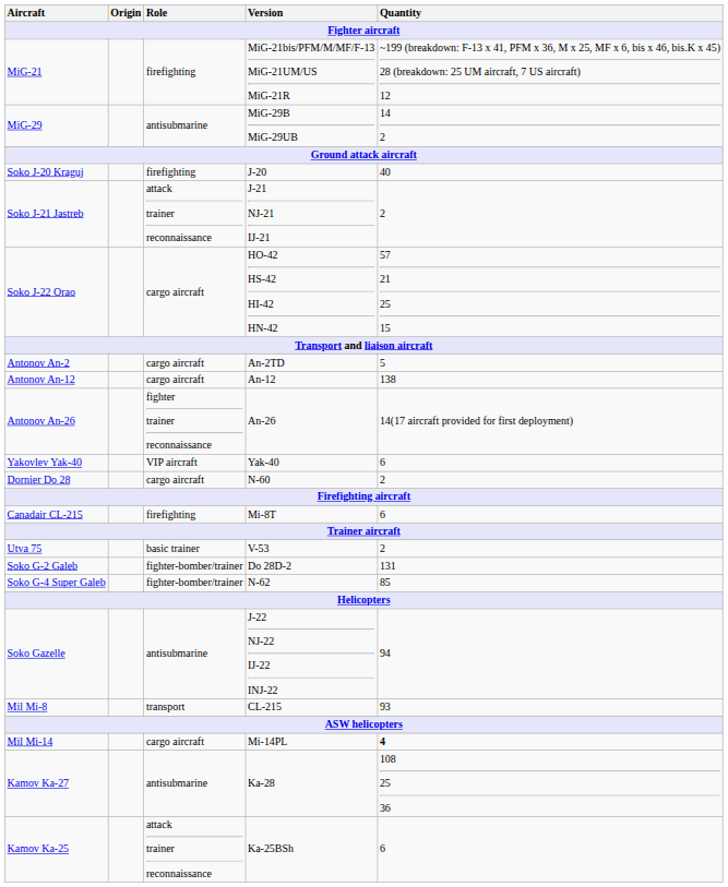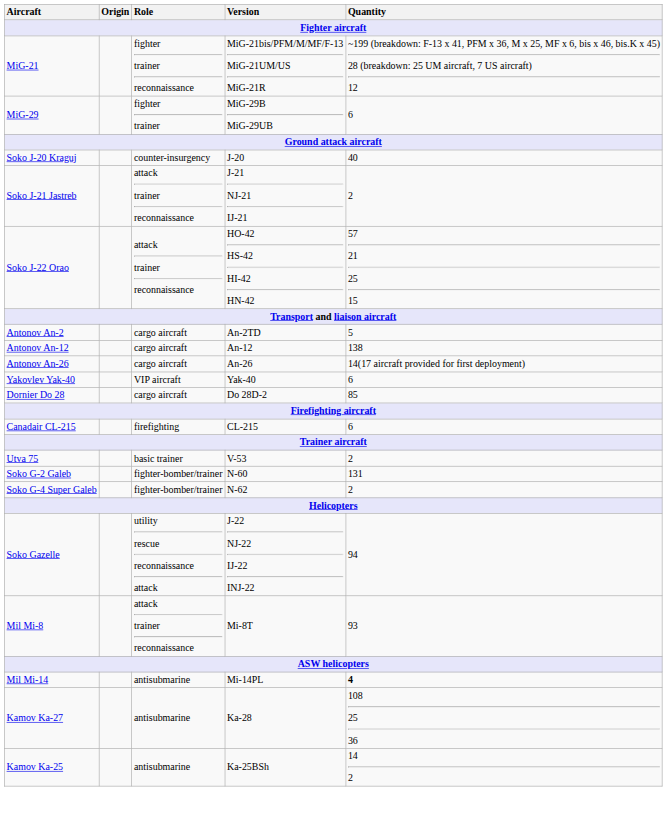 <table class="wikitable">
 <tr>
 <th style="text-align:left;">Aircraft</th>
 <th style="text-align:left;">Origin</th>
 <th style="text-align:left;">Role</th>
 <th style="text-align:left;">Version</th>
 <th style="text-align:left;">Quantity</th>
 </tr>
 <tr>
 <th style="align: center; background: lavender;" colspan="7"><strong><a href='#'>Fighter aircraft</a></strong></th>
 </tr>
 <tr>
 <td><a href='#'>MiG-21</a></td>
 <td></td>
-<td>firefighting</td>
+<td>fighter<hr>trainer<hr>reconnaissance</td>
 <td>MiG-21bis/PFM/M/MF/F-13<hr>MiG-21UM/US<hr>MiG-21R</td>
 <td>~199 (breakdown: F-13 x 41, PFM x 36, M x 25, MF x 6, bis x 46, bis.K x 45)<hr>28 (breakdown: 25 UM aircraft, 7 US aircraft)<hr>12</td>
 </tr>
 <tr>
 <td><a href='#'>MiG-29</a></td>
 <td></td>
-<td>antisubmarine</td>
+<td>fighter<hr>trainer</td>
 <td>MiG-29B<hr>MiG-29UB</td>
-<td>14<hr>2</td>
+<td>6</td>
 </tr>
 <tr>
 <th style="align: center; background: lavender;" colspan="7"><strong><a href='#'>Ground attack aircraft</a></strong></th>
 </tr>
 <tr>
 <td><a href='#'>Soko J-20 Kraguj</a></td>
 <td></td>
-<td>firefighting</td>
+<td>counter-insurgency</td>
 <td>J-20</td>
 <td>40</td>
 </tr>
 <tr>
 <td><a href='#'>Soko J-21 Jastreb</a></td>
 <td></td>
 <td>attack<hr>trainer<hr>reconnaissance</td>
 <td>J-21<hr>NJ-21<hr>IJ-21</td>
 <td>2</td>
 </tr>
 <tr>
 <td><a href='#'>Soko J-22 Orao</a></td>
 <td></td>
-<td>cargo aircraft</td>
+<td>attack<hr>trainer<hr>reconnaissance</td>
 <td>HO-42<hr>HS-42<hr>HI-42<hr>HN-42</td>
 <td>57<hr>21<hr>25<hr>15</td>
 </tr>
 <tr>
 <th style="align: center; background: lavender;" colspan="7"><strong><a href='#'>Transport</a> and <a href='#'>liaison aircraft</a></strong></th>
 </tr>
 <tr>
 <td><a href='#'>Antonov An-2</a></td>
 <td></td>
 <td>cargo aircraft</td>
 <td>An-2TD</td>
 <td>5</td>
 </tr>
 <tr>
 <td><a href='#'>Antonov An-12</a></td>
 <td></td>
 <td>cargo aircraft</td>
 <td>An-12</td>
 <td>138</td>
 </tr>
 <tr>
 <td><a href='#'>Antonov An-26</a></td>
 <td></td>
-<td>fighter<hr>trainer<hr>reconnaissance</td>
+<td>cargo aircraft</td>
 <td>An-26</td>
 <td>14(17 aircraft provided for first deployment)</td>
 </tr>
 <tr>
 <td><a href='#'>Yakovlev Yak-40</a></td>
 <td></td>
 <td>VIP aircraft</td>
 <td>Yak-40</td>
 <td>6</td>
 </tr>
 <tr>
 <td><a href='#'>Dornier Do 28</a></td>
 <td></td>
 <td>cargo aircraft</td>
-<td>N-60</td>
-<td>2</td>
+<td>Do 28D-2</td>
+<td>85</td>
 </tr>
 <tr>
 <th style="align: center; background: lavender;" colspan="7"><strong><a href='#'>Firefighting aircraft</a></strong></th>
 </tr>
 <tr>
 <td><a href='#'>Canadair CL-215</a></td>
 <td></td>
 <td>firefighting</td>
-<td>Mi-8T</td>
+<td>CL-215</td>
 <td>6</td>
 </tr>
 <tr>
 <th style="align: center; background: lavender;" colspan="7"><strong><a href='#'>Trainer aircraft</a></strong></th>
 </tr>
 <tr>
 <td><a href='#'>Utva 75</a></td>
 <td></td>
 <td>basic trainer</td>
 <td>V-53</td>
 <td>2</td>
 </tr>
 <tr>
 <td><a href='#'>Soko G-2 Galeb</a></td>
 <td></td>
 <td>fighter-bomber/trainer</td>
-<td>Do 28D-2</td>
+<td>N-60</td>
 <td>131</td>
 </tr>
 <tr>
 <td><a href='#'>Soko G-4 Super Galeb</a></td>
 <td></td>
 <td>fighter-bomber/trainer</td>
 <td>N-62</td>
-<td>85</td>
+<td>2</td>
 </tr>
 <tr>
 <th style="align: center; background: lavender;" colspan="7"><strong><a href='#'>Helicopters</a></strong></th>
 </tr>
 <tr>
 <td><a href='#'>Soko Gazelle</a></td>
 <td><br><br></td>
-<td>antisubmarine</td>
+<td>utility<hr>rescue<hr>reconnaissance<hr>attack</td>
 <td>J-22<hr>NJ-22<hr>IJ-22<hr>INJ-22</td>
 <td>94</td>
 </tr>
 <tr>
 <td><a href='#'>Mil Mi-8</a></td>
 <td></td>
-<td>transport</td>
-<td>CL-215</td>
+<td>attack<hr>trainer<hr>reconnaissance</td>
+<td>Mi-8T</td>
 <td>93</td>
 </tr>
 <tr>
 <th style="align: center; background: lavender;" colspan="7"><strong><a href='#'>ASW helicopters</a></strong></th>
 </tr>
 <tr>
 <td><a href='#'>Mil Mi-14</a></td>
 <td></td>
-<td>cargo aircraft</td>
+<td>antisubmarine</td>
 <td>Mi-14PL</td>
 <td><strong>4</strong></td>
 </tr>
 <tr>
 <td><a href='#'>Kamov Ka-27</a></td>
 <td></td>
 <td>antisubmarine</td>
 <td>Ka-28</td>
 <td>108<hr>25<hr>36</td>
 </tr>
 <tr>
 <td><a href='#'>Kamov Ka-25</a></td>
 <td></td>
-<td>attack<hr>trainer<hr>reconnaissance</td>
+<td>antisubmarine</td>
 <td>Ka-25BSh</td>
-<td>6</td>
+<td>14<hr>2</td>
 </tr>
 </table>
